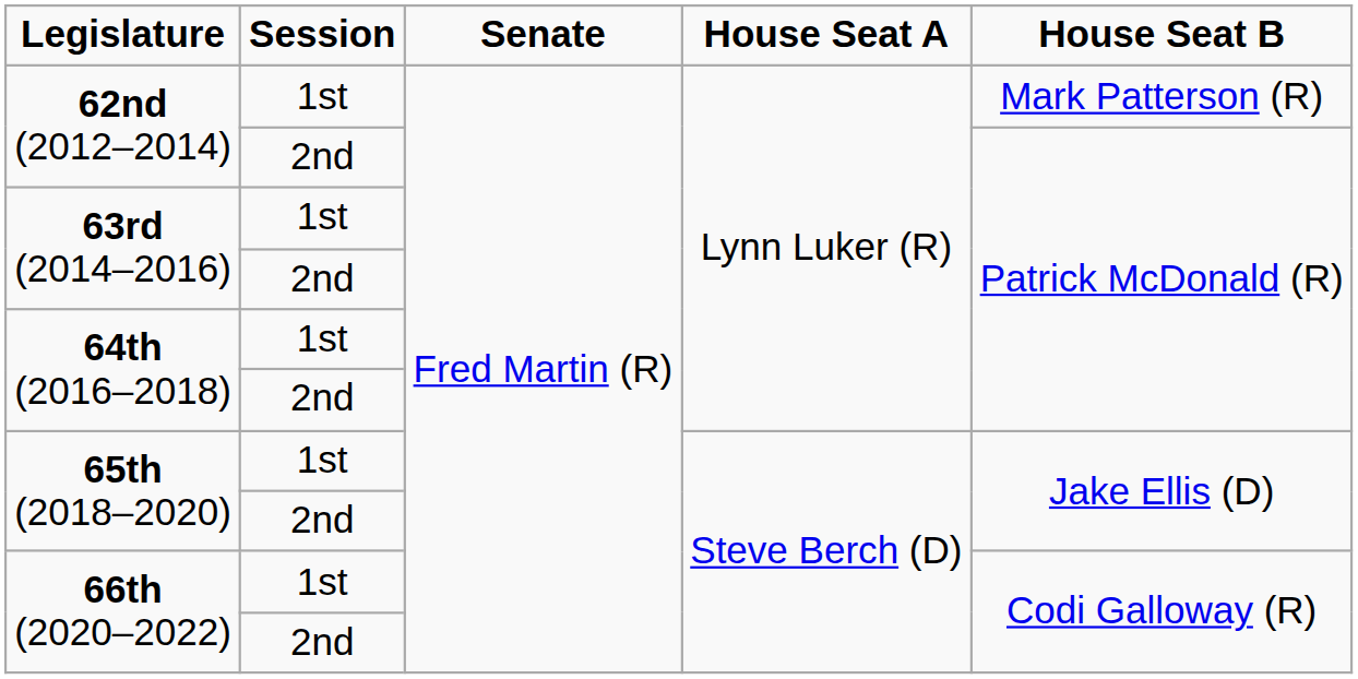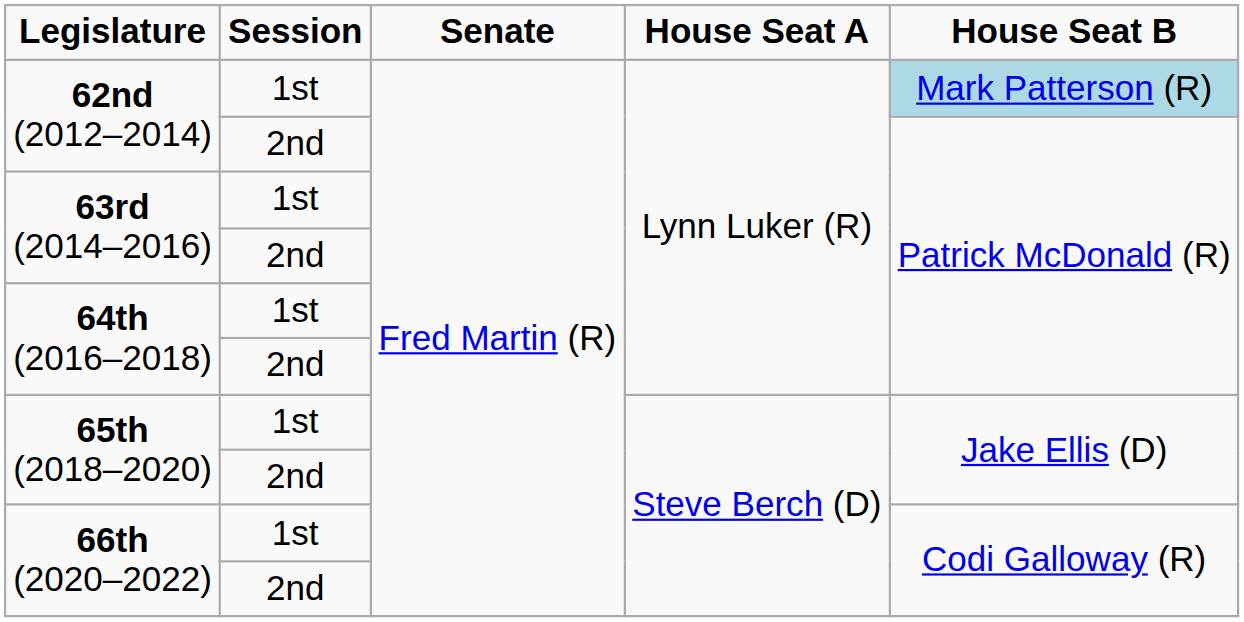 <table class=wikitable style="text-align:center">
 <tr>
 <td><strong>Legislature</strong></td>
 <td><strong>Session</strong></td>
 <td><strong>Senate</strong></td>
 <td><strong>House Seat A</strong></td>
 <td><strong>House Seat B</strong></td>
 </tr>
 <tr>
 <td rowspan="2" colspan="1" style="text-align: center;"><strong>62nd</strong> <br> (2012–2014)</td>
 <td>1st</td>
 <td rowspan="10" colspan="1" style="text-align: center;" ><a href='#'>Fred Martin</a> (R)</td>
 <td rowspan="6" colspan="1" style="text-align: center;" >Lynn Luker (R)</td>
-<td rowspan="1" colspan="1" style="text-align: center;" ><a href='#'>Mark Patterson</a> (R)</td>
+<td rowspan="1" colspan="1" style="background: lightblue; text-align: center;" ><a href='#'>Mark Patterson</a> (R)</td>
 </tr>
 <tr>
 <td>2nd</td>
 <td rowspan="5" colspan="1" style="text-align: center;" ><a href='#'>Patrick McDonald</a> (R)</td>
 </tr>
 <tr>
 <td rowspan="2" colspan="1" style="text-align: center;"><strong>63rd</strong> <br> (2014–2016)</td>
 <td>1st</td>
 </tr>
 <tr>
 <td>2nd</td>
 </tr>
 <tr>
 <td rowspan="2" colspan="1" style="text-align: center;"><strong>64th</strong> <br> (2016–2018)</td>
 <td>1st</td>
 </tr>
 <tr>
 <td>2nd</td>
 </tr>
 <tr>
 <td rowspan="2" colspan="1" style="text-align: center;"><strong>65th</strong> <br> (2018–2020)</td>
 <td>1st</td>
 <td rowspan="4" colspan="1" style="text-align: center;" ><a href='#'>Steve Berch</a> (D)</td>
 <td rowspan="2" colspan="1" style="text-align: center;" ><a href='#'>Jake Ellis</a> (D)</td>
 </tr>
 <tr>
 <td>2nd</td>
 </tr>
 <tr>
 <td rowspan="2" colspan="1" style="text-align: center;"><strong>66th</strong> <br> (2020–2022)</td>
 <td>1st</td>
 <td rowspan="2" colspan="1" style="text-align: center;" ><a href='#'>Codi Galloway</a> (R)</td>
 </tr>
 <tr>
 <td>2nd</td>
 </tr>
 </table>
